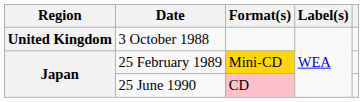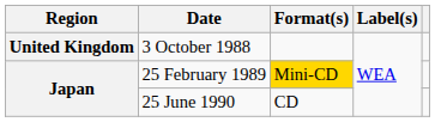 <table class="wikitable plainrowheaders">
 <tr>
 <th scope="col">Region</th>
 <th scope="col">Date</th>
 <th scope="col">Format(s)</th>
 <th scope="col">Label(s)</th>
 <th scope="col"></th>
 </tr>
 <tr>
 <th scope="row">United Kingdom</th>
 <td>3 October 1988</td>
 <td></td>
 <td rowspan="3"><a href='#'>WEA</a></td>
 <td></td>
 </tr>
 <tr>
 <th scope="row" rowspan="2">Japan</th>
 <td>25 February 1989</td>
 <td style="background: gold;">Mini-CD</td>
 <td></td>
 </tr>
 <tr>
 <td>25 June 1990</td>
-<td style="background: pink;">CD</td>
+<td>CD</td>
 <td></td>
 </tr>
 </table>
